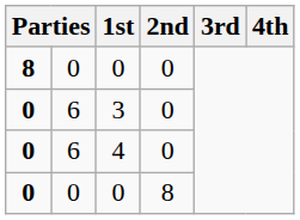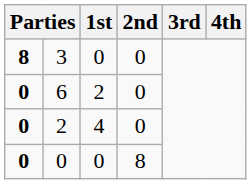 <table class="wikitable" style="text-align:center;">
 <tr>
 <th colspan=2 style="text-align:left;">Parties</th>
 <th>1st</th>
 <th>2nd</th>
 <th>3rd</th>
 <th>4th</th>
 </tr>
 <tr>
 <td><strong>8</strong></td>
-<td>0</td>
+<td>3</td>
 <td>0</td>
 <td>0</td>
 </tr>
 <tr>
 <td><strong>0</strong></td>
 <td>6</td>
-<td>3</td>
+<td>2</td>
 <td>0</td>
 </tr>
 <tr>
 <td><strong>0</strong></td>
-<td>6</td>
+<td>2</td>
 <td>4</td>
 <td>0</td>
 </tr>
 <tr>
 <td><strong>0</strong></td>
 <td>0</td>
 <td>0</td>
 <td>8</td>
 </tr>
 </table>
